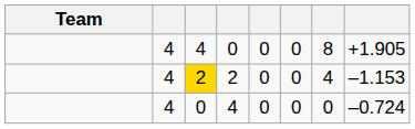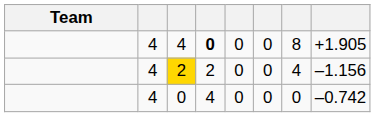 <table class="wikitable" style="text-align:center">
 <tr>
 <th width=120>Team</th>
 <th width=20></th>
 <th width=20></th>
 <th width=20></th>
 <th width=20></th>
 <th width=20></th>
 <th width=20></th>
 <th width=45></th>
 </tr>
 <tr>
 <td align="left"></td>
 <td>4</td>
 <td>4</td>
-<td>0</td>
+<td><strong>0</strong></td>
 <td>0</td>
 <td>0</td>
 <td>8</td>
 <td>+1.905</td>
 </tr>
 <tr>
 <td align="left"></td>
 <td>4</td>
 <td style="background: gold;">2</td>
 <td>2</td>
 <td>0</td>
 <td>0</td>
 <td>4</td>
-<td>–1.153</td>
+<td>–1.156</td>
 </tr>
 <tr>
 <td align="left"></td>
 <td>4</td>
 <td>0</td>
 <td>4</td>
 <td>0</td>
 <td>0</td>
 <td>0</td>
-<td>–0.724</td>
+<td>–0.742</td>
 </tr>
 </table>
